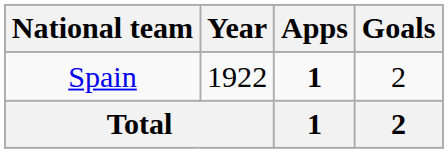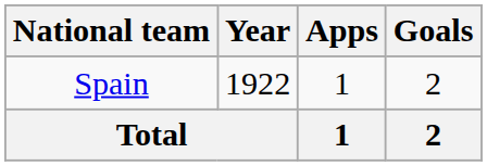 <table class=wikitable style=text-align:center>
 <tr>
 <th>National team</th>
 <th>Year</th>
 <th>Apps</th>
 <th>Goals</th>
 </tr>
 <tr>
 <td rowspan="1"><a href='#'>Spain</a></td>
 <td>1922</td>
-<td><strong>1</strong></td>
+<td>1</td>
 <td>2</td>
 </tr>
 <tr>
 <th colspan="2">Total</th>
 <th>1</th>
 <th>2</th>
 </tr>
 </table>
